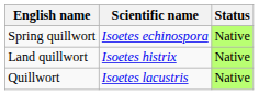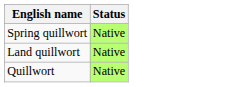 <table class="wikitable" |>
 <tr>
 <th>English name</th>
-<th>Scientific name</th>
 <th>Status</th>
 </tr>
 <tr>
 <td>Spring quillwort</td>
-<td><em><a href='#'>Isoetes echinospora</a></em></td>
 <td style="background: #B9FF72; text-align: ">Native</td>
 </tr>
 <tr>
 <td>Land quillwort</td>
-<td><em><a href='#'>Isoetes histrix</a></em></td>
 <td style="background: #B9FF72; text-align: ">Native</td>
 </tr>
 <tr>
 <td>Quillwort</td>
-<td><em><a href='#'>Isoetes lacustris</a></em></td>
 <td style="background: #B9FF72; text-align: ">Native</td>
 </tr>
 </table>
